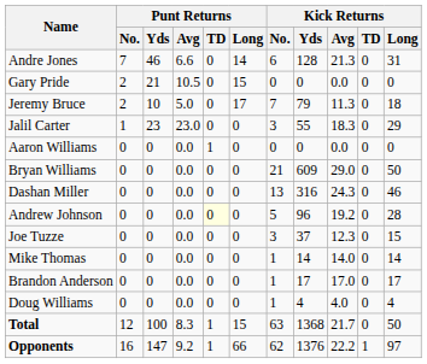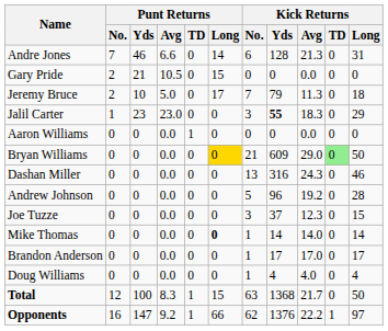 <table class="wikitable" style="white-space:nowrap;">
 <tr>
 <th rowspan="2">Name</th>
 <th colspan="5">Punt Returns</th>
 <th colspan="5">Kick Returns</th>
 </tr>
 <tr>
 <th>No.</th>
 <th>Yds</th>
 <th>Avg</th>
 <th>TD</th>
 <th>Long</th>
 <th>No.</th>
 <th>Yds</th>
 <th>Avg</th>
 <th>TD</th>
 <th>Long</th>
 </tr>
 <tr>
 <td>Andre Jones</td>
 <td>7</td>
 <td>46</td>
 <td>6.6</td>
 <td>0</td>
 <td>14</td>
 <td>6</td>
 <td>128</td>
 <td>21.3</td>
 <td>0</td>
 <td>31</td>
 </tr>
 <tr>
 <td>Gary Pride</td>
 <td>2</td>
 <td>21</td>
 <td>10.5</td>
 <td>0</td>
 <td>15</td>
 <td>0</td>
 <td>0</td>
 <td>0.0</td>
 <td>0</td>
 <td>0</td>
 </tr>
 <tr>
 <td>Jeremy Bruce</td>
 <td>2</td>
 <td>10</td>
 <td>5.0</td>
 <td>0</td>
 <td>17</td>
 <td>7</td>
 <td>79</td>
 <td>11.3</td>
 <td>0</td>
 <td>18</td>
 </tr>
 <tr>
 <td>Jalil Carter</td>
 <td>1</td>
 <td>23</td>
 <td>23.0</td>
 <td>0</td>
 <td>0</td>
 <td>3</td>
-<td>55</td>
+<td><strong>55</strong></td>
 <td>18.3</td>
 <td>0</td>
 <td>29</td>
 </tr>
 <tr>
 <td>Aaron Williams</td>
 <td>0</td>
 <td>0</td>
 <td>0.0</td>
 <td>1</td>
 <td>0</td>
 <td>0</td>
 <td>0</td>
 <td>0.0</td>
 <td>0</td>
 <td>0</td>
 </tr>
 <tr>
 <td>Bryan Williams</td>
 <td>0</td>
 <td>0</td>
 <td>0.0</td>
 <td>0</td>
-<td>0</td>
+<td style="background: gold;">0</td>
 <td>21</td>
 <td>609</td>
 <td>29.0</td>
-<td>0</td>
+<td style="background: lightgreen;">0</td>
 <td>50</td>
 </tr>
 <tr>
 <td>Dashan Miller</td>
 <td>0</td>
 <td>0</td>
 <td>0.0</td>
 <td>0</td>
 <td>0</td>
 <td>13</td>
 <td>316</td>
 <td>24.3</td>
 <td>0</td>
 <td>46</td>
 </tr>
 <tr>
 <td>Andrew Johnson</td>
 <td>0</td>
 <td>0</td>
 <td>0.0</td>
-<td style="background: lightyellow;">0</td>
+<td>0</td>
 <td>0</td>
 <td>5</td>
 <td>96</td>
 <td>19.2</td>
 <td>0</td>
 <td>28</td>
 </tr>
 <tr>
 <td>Joe Tuzze</td>
 <td>0</td>
 <td>0</td>
 <td>0.0</td>
 <td>0</td>
 <td>0</td>
 <td>3</td>
 <td>37</td>
 <td>12.3</td>
 <td>0</td>
 <td>15</td>
 </tr>
 <tr>
 <td>Mike Thomas</td>
 <td>0</td>
 <td>0</td>
 <td>0.0</td>
 <td>0</td>
-<td>0</td>
+<td><strong>0</strong></td>
 <td>1</td>
 <td>14</td>
 <td>14.0</td>
 <td>0</td>
 <td>14</td>
 </tr>
 <tr>
 <td>Brandon Anderson</td>
 <td>0</td>
 <td>0</td>
 <td>0.0</td>
 <td>0</td>
 <td>0</td>
 <td>1</td>
 <td>17</td>
 <td>17.0</td>
 <td>0</td>
 <td>17</td>
 </tr>
 <tr>
 <td>Doug Williams</td>
 <td>0</td>
 <td>0</td>
 <td>0.0</td>
 <td>0</td>
 <td>0</td>
 <td>1</td>
 <td>4</td>
 <td>4.0</td>
 <td>0</td>
 <td>4</td>
 </tr>
 <tr>
 <td><strong>Total</strong></td>
 <td>12</td>
 <td>100</td>
 <td>8.3</td>
 <td>1</td>
 <td>15</td>
 <td>63</td>
 <td>1368</td>
 <td>21.7</td>
 <td>0</td>
 <td>50</td>
 </tr>
 <tr>
 <td><strong>Opponents</strong></td>
 <td>16</td>
 <td>147</td>
 <td>9.2</td>
 <td>1</td>
 <td>66</td>
 <td>62</td>
 <td>1376</td>
 <td>22.2</td>
 <td>1</td>
 <td>97</td>
 </tr>
 </table>
